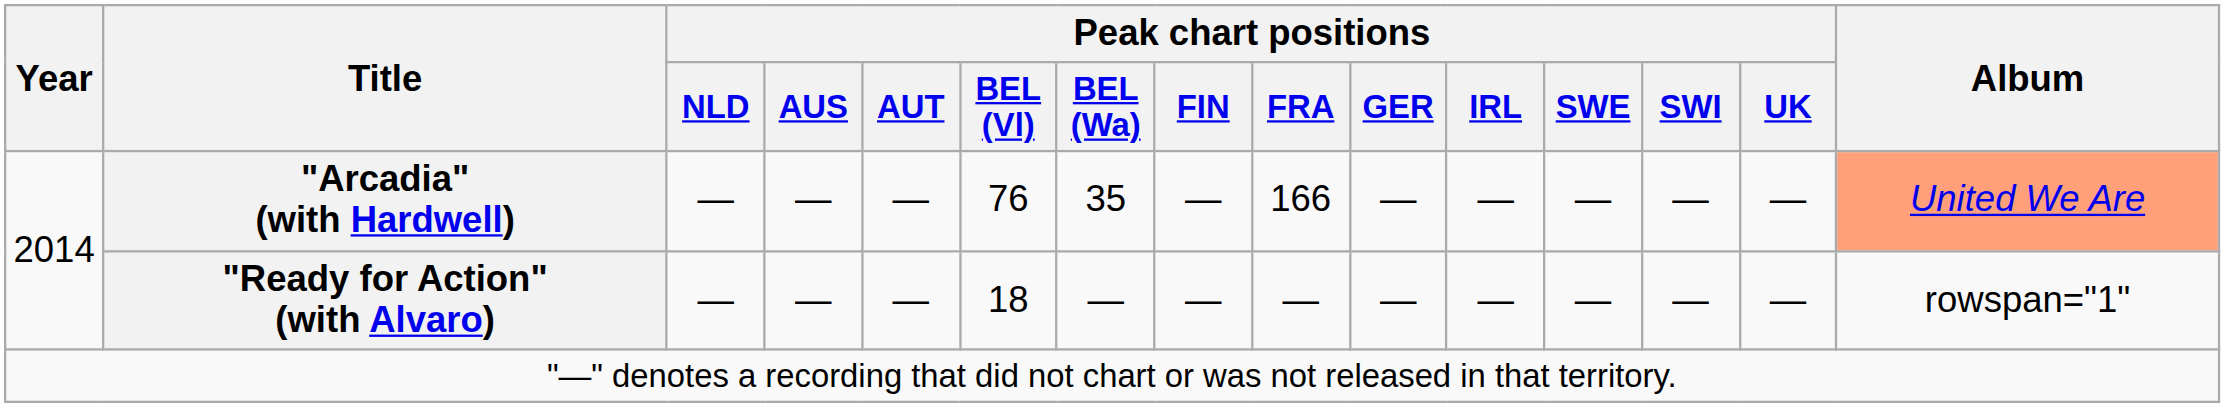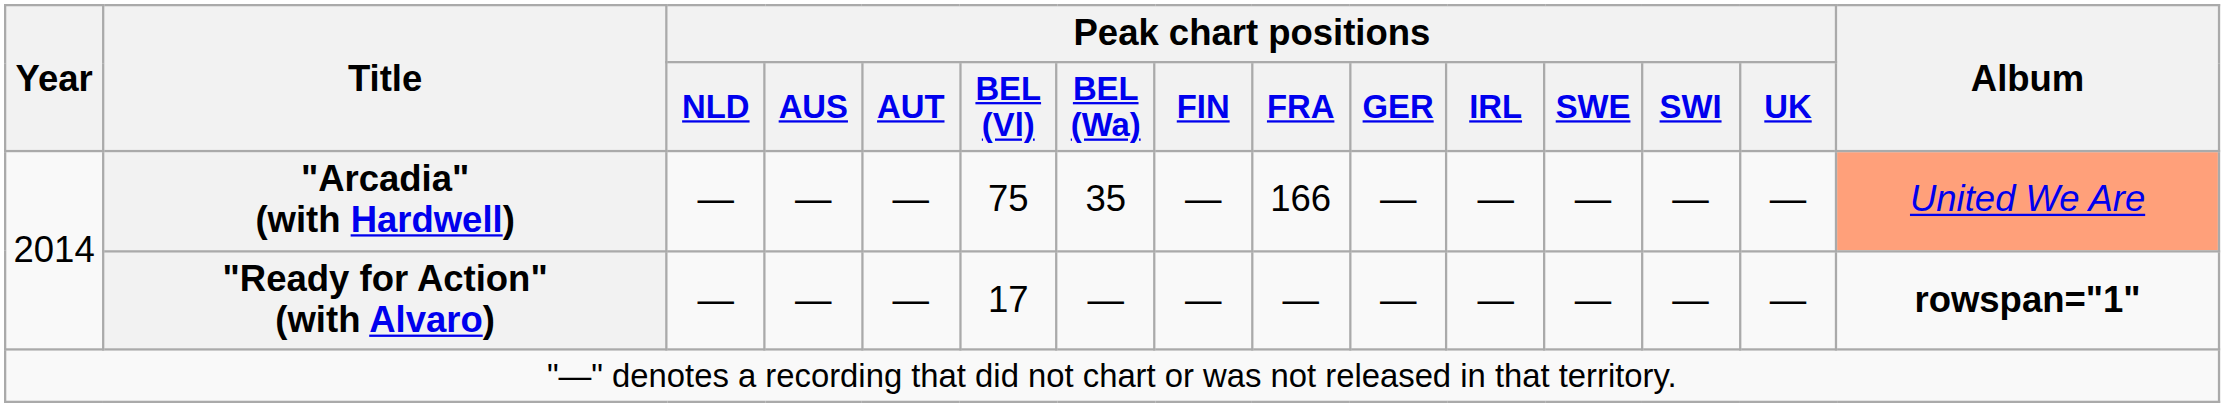 <table class="wikitable plainrowheaders" style="text-align:center;">
 <tr>
 <th scope="col" rowspan="2" style="width:1em;">Year</th>
 <th scope="col" rowspan="2" style="width:15em;">Title</th>
 <th scope="col" colspan="12">Peak chart positions</th>
 <th scope="col" rowspan="2" style="width:10em;">Album</th>
 </tr>
 <tr>
 <th scope="col" style="width:2.5em;font-size:90%;"><a href='#'>NLD</a><br></th>
 <th scope="col" style="width:2.5em;font-size:90%;"><a href='#'>AUS</a><br></th>
 <th scope="col" style="width:2.5em;font-size:90%;"><a href='#'>AUT</a><br></th>
 <th scope="col" style="width:2.5em;font-size:90%;"><a href='#'>BEL (Vl)</a><br></th>
 <th scope="col" style="width:2.5em;font-size:90%;"><a href='#'>BEL (Wa)</a><br></th>
 <th scope="col" style="width:2.5em;font-size:90%;"><a href='#'>FIN</a><br></th>
 <th scope="col" style="width:2.5em;font-size:90%;"><a href='#'>FRA</a><br></th>
 <th scope="col" style="width:2.5em;font-size:90%;"><a href='#'>GER</a><br></th>
 <th scope="col" style="width:2.5em;font-size:90%;"><a href='#'>IRL</a><br></th>
 <th scope="col" style="width:2.5em;font-size:90%;"><a href='#'>SWE</a><br></th>
 <th scope="col" style="width:2.5em;font-size:90%;"><a href='#'>SWI</a><br></th>
 <th scope="col" style="width:2.5em;font-size:90%;"><a href='#'>UK</a><br></th>
 </tr>
 <tr>
 <td rowspan="2">2014</td>
 <th scope="row">"Arcadia" <br><span>(with <a href='#'>Hardwell</a>)</span></th>
 <td>—</td>
 <td>—</td>
 <td>—</td>
-<td>76</td>
+<td>75</td>
 <td>35</td>
 <td>—</td>
 <td>166</td>
 <td>—</td>
 <td>—</td>
 <td>—</td>
 <td>—</td>
 <td>—</td>
 <td rowspan="1" style="background: lightsalmon;"><em><a href='#'>United We Are</a></em></td>
 </tr>
 <tr>
 <th scope="row">"Ready for Action" <br><span>(with <a href='#'>Alvaro</a>)</span></th>
 <td>—</td>
 <td>—</td>
 <td>—</td>
-<td>18</td>
+<td>17</td>
 <td>—</td>
 <td>—</td>
 <td>—</td>
 <td>—</td>
 <td>—</td>
 <td>—</td>
 <td>—</td>
 <td>—</td>
-<td>rowspan="1" </td>
+<td><strong>rowspan="1" </strong></td>
 </tr>
 <tr>
 <td colspan="16" style="font-size:90%">"—" denotes a recording that did not chart or was not released in that territory.</td>
 </tr>
 </table>
